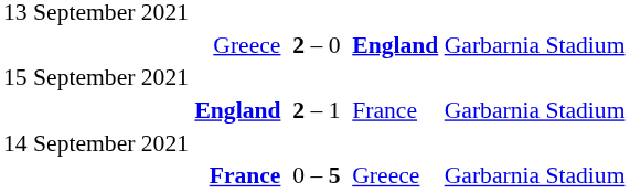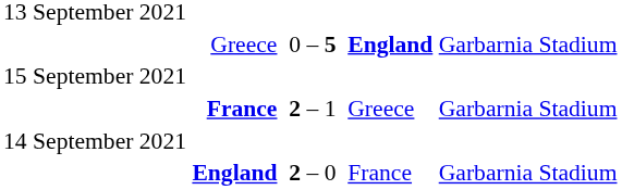 <table>
 <tr>
 <td>13 September 2021</td>
 </tr>
 <tr>
 <td></td>
 <td align=right><a href='#'>Greece</a></td>
 <td></td>
-<td><strong>2</strong> – 0</td>
+<td>0 – <strong>5</strong></td>
 <td></td>
 <td><strong><a href='#'>England</a></strong></td>
 <td><a href='#'>Garbarnia Stadium</a></td>
 </tr>
 <tr>
 <td>15 September 2021</td>
 </tr>
 <tr>
 <td></td>
-<td align=right><strong><a href='#'>England</a></strong></td>
+<td align=right><strong><a href='#'>France</a></strong></td>
 <td></td>
 <td><strong>2</strong> – 1</td>
 <td></td>
-<td><a href='#'>France</a></td>
+<td><a href='#'>Greece</a></td>
 <td><a href='#'>Garbarnia Stadium</a></td>
 </tr>
 <tr>
 <td>14 September 2021</td>
 </tr>
 <tr>
 <td></td>
-<td align=right><strong><a href='#'>France</a></strong></td>
+<td align=right><strong><a href='#'>England</a></strong></td>
 <td></td>
-<td>0 – <strong>5</strong></td>
+<td><strong>2</strong> – 0</td>
 <td></td>
-<td><a href='#'>Greece</a></td>
+<td><a href='#'>France</a></td>
 <td><a href='#'>Garbarnia Stadium</a></td>
 </tr>
 </table>
